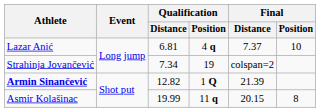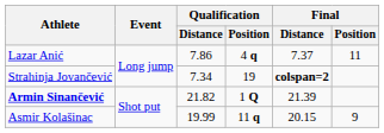 <table class="wikitable" style="font-size:90%">
 <tr>
 <th rowspan="2">Athlete</th>
 <th rowspan="2">Event</th>
 <th colspan="2">Qualification</th>
 <th colspan="2">Final</th>
 </tr>
 <tr style="font-size:95%">
 <th>Distance</th>
 <th>Position</th>
 <th>Distance</th>
 <th>Position</th>
 </tr>
 <tr align="center">
 <td align="left"><a href='#'>Lazar Anić</a></td>
 <td align="left" rowspan=2><a href='#'>Long jump</a></td>
-<td>6.81</td>
+<td>7.86</td>
 <td>4 <strong>q</strong></td>
 <td>7.37</td>
-<td>10</td>
+<td>11</td>
 </tr>
 <tr align="center">
 <td align="left"><a href='#'>Strahinja Jovančević</a></td>
 <td>7.34</td>
 <td>19</td>
-<td>colspan=2 </td>
+<td><strong>colspan=2 </strong></td>
 </tr>
 <tr align="center">
 <td align="left"><strong><a href='#'>Armin Sinančević</a></strong></td>
 <td align="left" rowspan=2><a href='#'>Shot put</a></td>
-<td>12.82 </td>
+<td>21.82 </td>
 <td>1 <strong>Q</strong></td>
 <td>21.39</td>
 <td></td>
 </tr>
 <tr align="center">
 <td align="left"><a href='#'>Asmir Kolašinac</a></td>
 <td>19.99</td>
 <td>11 <strong>q</strong></td>
 <td>20.15</td>
-<td>8</td>
+<td>9</td>
 </tr>
 </table>
